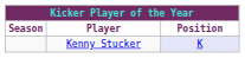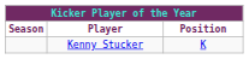 <table class="wikitable sortable" style="text-align:center">
 <tr>
 <td colspan="4" style="background:#702963; color:#40E0D0;"><strong>Kicker Player of the Year</strong></td>
 </tr>
 <tr>
 <th style="width:50px; background:white; color:#702963;">Season</th>
 <th style="width:150px; background:white; color:#702963;">Player</th>
 <th style="width:100px; background:white; color:#702963;">Position</th>
 </tr>
 <tr>
 <td></td>
 <td><a href='#'>Kenny Stucker</a></td>
-<td style="background: lavender;"><a href='#'>K</a></td>
+<td><a href='#'>K</a></td>
 </tr>
 </table>
